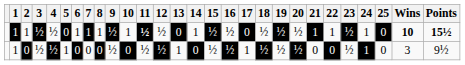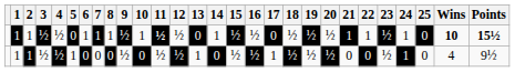 <table class="wikitable" style="text-align:center">
 <tr>
 <th></th>
 <th>1</th>
 <th>2</th>
 <th>3</th>
 <th>4</th>
 <th>5</th>
 <th>6</th>
 <th>7</th>
 <th>8</th>
 <th>9</th>
 <th>10</th>
 <th>11</th>
 <th>12</th>
 <th>13</th>
 <th>14</th>
 <th>15</th>
 <th>16</th>
 <th>17</th>
 <th>18</th>
 <th>19</th>
 <th>20</th>
 <th>21</th>
 <th>22</th>
 <th>23</th>
 <th>24</th>
 <th>25</th>
 <th>Wins</th>
 <th>Points</th>
 </tr>
 <tr>
 <td align=left></td>
 <td style="background:black; color:white">1</td>
 <td>1</td>
 <td style="background:black; color:white">½</td>
 <td>½</td>
 <td style="background:black; color:white">0</td>
 <td>1</td>
 <td style="background:black; color:white">1</td>
 <td>1</td>
 <td style="background:black; color:white">½</td>
 <td>1</td>
 <td style="background:black; color:white"><strong>½</strong></td>
 <td>½</td>
 <td style="background:black; color:white">0</td>
 <td>1</td>
 <td style="background:black; color:white">½</td>
 <td>½</td>
 <td style="background:black; color:white">0</td>
 <td>½</td>
 <td style="background:black; color:white">½</td>
 <td>½</td>
 <td style="background:black; color:white">1</td>
 <td>1</td>
 <td style="background:black; color:white">½</td>
 <td>1</td>
 <td style="background:black; color:white">0</td>
 <td><strong>10</strong></td>
 <td><strong>15½</strong></td>
 </tr>
 <tr>
 <td align=left></td>
 <td>1</td>
-<td style="background:black; color:white">0</td>
+<td style="background:black; color:white">1</td>
 <td>½</td>
 <td style="background:black; color:white">½</td>
 <td>1</td>
 <td style="background:black; color:white">0</td>
 <td>0</td>
 <td style="background:black; color:white">0</td>
 <td>½</td>
 <td style="background:black; color:white">0</td>
 <td>½</td>
 <td style="background:black; color:white">½</td>
 <td>1</td>
 <td style="background:black; color:white">0</td>
 <td>½</td>
 <td style="background:black; color:white">½</td>
 <td>1</td>
 <td style="background:black; color:white">½</td>
 <td>½</td>
 <td style="background:black; color:white">½</td>
 <td>0</td>
 <td style="background:black; color:white">0</td>
 <td>½</td>
 <td style="background:black; color:white">1</td>
 <td>0</td>
-<td>3</td>
+<td>4</td>
 <td>9½</td>
 </tr>
 </table>
